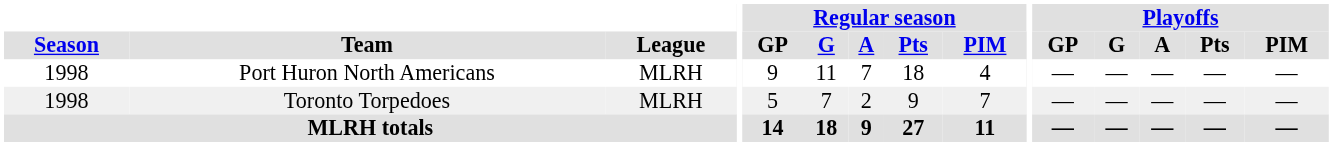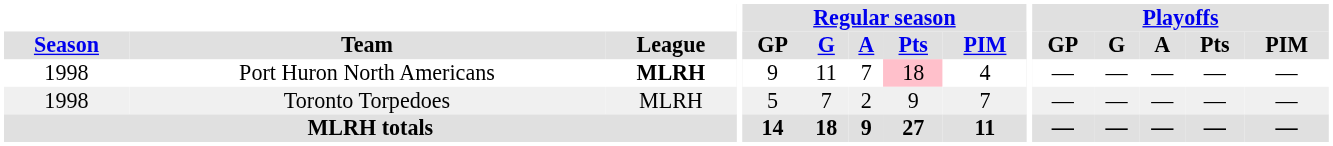 <table border="0" cellpadding="1" cellspacing="0" style="text-align:center; width:60em">
 <tr bgcolor="#e0e0e0">
 <th colspan="3" bgcolor="#ffffff"></th>
 <th rowspan="99" bgcolor="#ffffff"></th>
 <th colspan="5"><a href='#'>Regular season</a></th>
 <th rowspan="99" bgcolor="#ffffff"></th>
 <th colspan="5"><a href='#'>Playoffs</a></th>
 </tr>
 <tr bgcolor="#e0e0e0">
 <th><a href='#'>Season</a></th>
 <th>Team</th>
 <th>League</th>
 <th>GP</th>
 <th><a href='#'>G</a></th>
 <th><a href='#'>A</a></th>
 <th><a href='#'>Pts</a></th>
 <th><a href='#'>PIM</a></th>
 <th>GP</th>
 <th>G</th>
 <th>A</th>
 <th>Pts</th>
 <th>PIM</th>
 </tr>
 <tr>
 <td>1998</td>
 <td>Port Huron North Americans</td>
-<td>MLRH</td>
+<td><strong>MLRH</strong></td>
 <td>9</td>
 <td>11</td>
 <td>7</td>
-<td>18</td>
+<td style="background: pink;">18</td>
 <td>4</td>
 <td>—</td>
 <td>—</td>
 <td>—</td>
 <td>—</td>
 <td>—</td>
 </tr>
 <tr bgcolor="#f0f0f0">
 <td>1998</td>
 <td>Toronto Torpedoes</td>
 <td>MLRH</td>
 <td>5</td>
 <td>7</td>
 <td>2</td>
 <td>9</td>
 <td>7</td>
 <td>—</td>
 <td>—</td>
 <td>—</td>
 <td>—</td>
 <td>—</td>
 </tr>
 <tr bgcolor="#e0e0e0">
 <th colspan="3">MLRH totals</th>
 <th>14</th>
 <th>18</th>
 <th>9</th>
 <th>27</th>
 <th>11</th>
 <th>—</th>
 <th>—</th>
 <th>—</th>
 <th>—</th>
 <th>—</th>
 </tr>
 </table>
